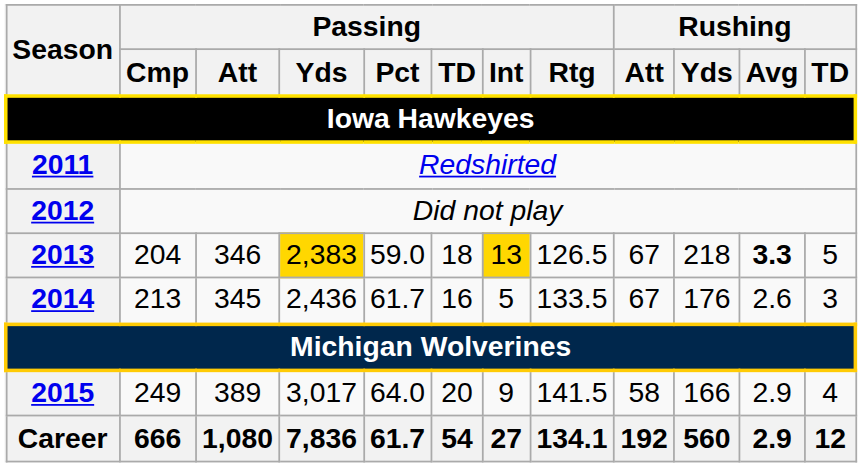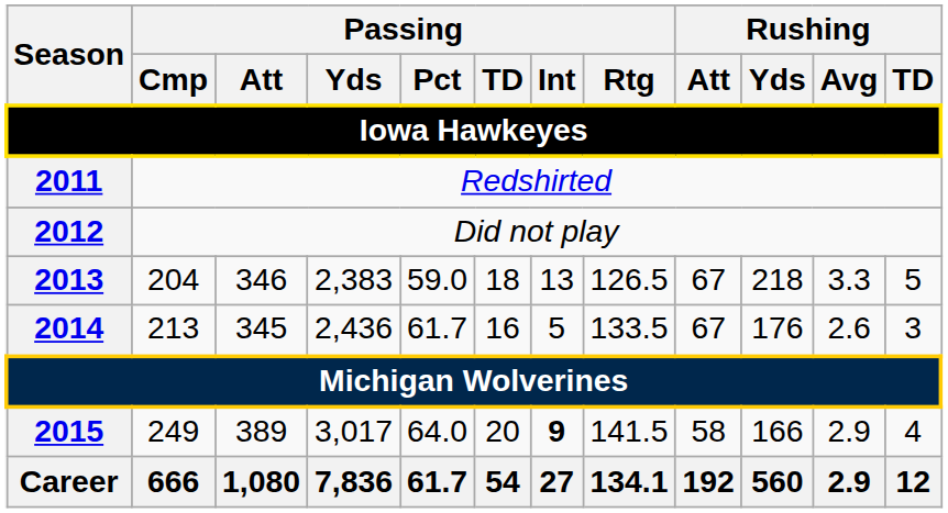 <table class=wikitable style="text-align:center;">
 <tr>
 <th rowspan="2">Season</th>
 <th colspan="7">Passing</th>
 <th colspan="4">Rushing</th>
 </tr>
 <tr>
 <th>Cmp</th>
 <th>Att</th>
 <th>Yds</th>
 <th>Pct</th>
 <th>TD</th>
 <th>Int</th>
 <th>Rtg</th>
 <th>Att</th>
 <th>Yds</th>
 <th>Avg</th>
 <th>TD</th>
 </tr>
 <tr>
 <th colspan="12" style="background: #000000; border: 2px solid #FFE100; color:#FFFFFF;">Iowa Hawkeyes</th>
 </tr>
 <tr>
 <th><a href='#'>2011</a></th>
 <td colspan="11"><em><a href='#'>Redshirted</a></em></td>
 </tr>
 <tr>
 <th><a href='#'>2012</a></th>
 <td colspan="11"><em>Did not play</em></td>
 </tr>
 <tr>
 <th><a href='#'>2013</a></th>
 <td>204</td>
 <td>346</td>
-<td style="background: gold;">2,383</td>
+<td>2,383</td>
 <td>59.0</td>
 <td>18</td>
-<td style="background: gold;">13</td>
+<td>13</td>
 <td>126.5</td>
 <td>67</td>
 <td>218</td>
-<td><strong>3.3</strong></td>
+<td>3.3</td>
 <td>5</td>
 </tr>
 <tr>
 <th><a href='#'>2014</a></th>
 <td>213</td>
 <td>345</td>
 <td>2,436</td>
 <td>61.7</td>
 <td>16</td>
 <td>5</td>
 <td>133.5</td>
 <td>67</td>
 <td>176</td>
 <td>2.6</td>
 <td>3</td>
 </tr>
 <tr>
 <th colspan="12" style="background: #00274C; border: 2px solid #FFCB05; color:#FFFFFF;">Michigan Wolverines</th>
 </tr>
 <tr>
 <th><a href='#'>2015</a></th>
 <td>249</td>
 <td>389</td>
 <td>3,017</td>
 <td>64.0</td>
 <td>20</td>
-<td>9</td>
+<td><strong>9</strong></td>
 <td>141.5</td>
 <td>58</td>
 <td>166</td>
 <td>2.9</td>
 <td>4</td>
 </tr>
 <tr>
 <th>Career</th>
 <th>666</th>
 <th>1,080</th>
 <th>7,836</th>
 <th>61.7</th>
 <th>54</th>
 <th>27</th>
 <th>134.1</th>
 <th>192</th>
 <th>560</th>
 <th>2.9</th>
 <th>12</th>
 </tr>
 </table>
